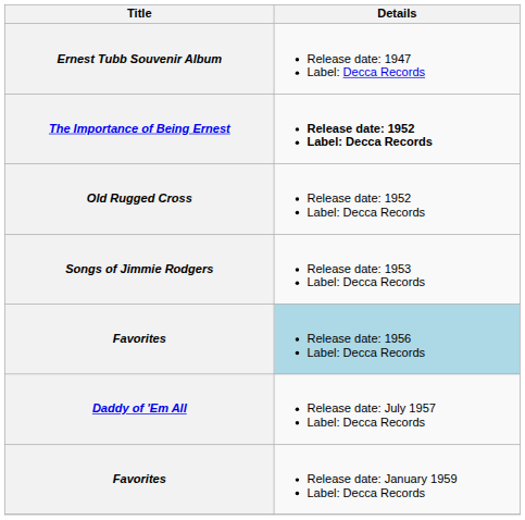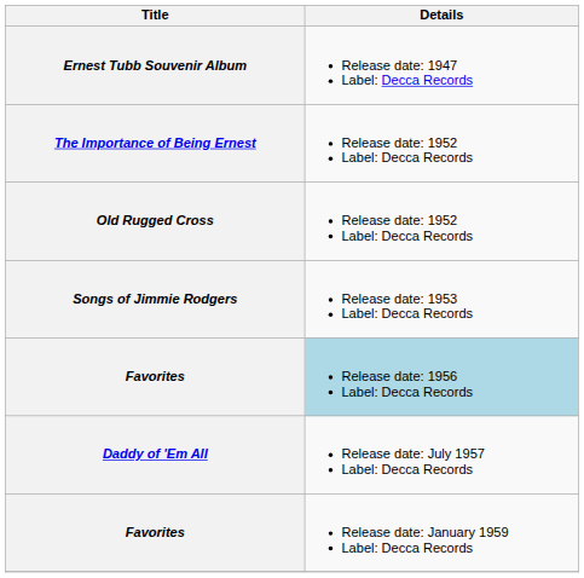 <table class="wikitable plainrowheaders">
 <tr>
 <th style="width:22em;">Title</th>
 <th style="width:20em;">Details</th>
 </tr>
 <tr>
 <th scope="row"><em>Ernest Tubb Souvenir Album</em></th>
 <td><br><ul><li>Release date: 1947</li><li>Label: <a href='#'>Decca Records</a></li></ul></td>
 </tr>
 <tr>
 <th scope="row"><em><a href='#'>The Importance of Being Ernest</a></em></th>
-<td><strong><br><ul><li>Release date: 1952</li><li>Label: Decca Records</li></ul></strong></td>
+<td><br><ul><li>Release date: 1952</li><li>Label: Decca Records</li></ul></td>
 </tr>
 <tr>
 <th scope="row"><em>Old Rugged Cross</em></th>
 <td><br><ul><li>Release date: 1952</li><li>Label: Decca Records</li></ul></td>
 </tr>
 <tr>
 <th scope="row"><em>Songs of Jimmie Rodgers</em></th>
 <td><br><ul><li>Release date: 1953</li><li>Label: Decca Records</li></ul></td>
 </tr>
 <tr>
 <th scope="row"><em>Favorites</em></th>
 <td style="background: lightblue;"><br><ul><li>Release date: 1956</li><li>Label: Decca Records</li></ul></td>
 </tr>
 <tr>
 <th scope="row"><em><a href='#'>Daddy of 'Em All</a></em></th>
 <td><br><ul><li>Release date: July 1957</li><li>Label: Decca Records</li></ul></td>
 </tr>
 <tr>
 <th scope="row"><em>Favorites</em></th>
 <td><br><ul><li>Release date: January 1959</li><li>Label: Decca Records</li></ul></td>
 </tr>
 <tr>
 </tr>
 </table>
